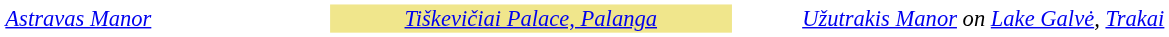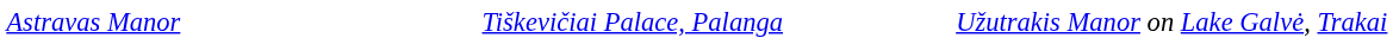 <table class="graytable">
 <tr>
 <td width="29%"></td>
 <td width="5%"></td>
 <td width="32%"></td>
 <td width="5%"></td>
 <td></td>
 </tr>
 <tr>
 <td align="center"><em><a href='#'>Astravas Manor</a></em></td>
 <td></td>
-<td align="center" style="background: khaki;"><em><a href='#'>Tiškevičiai Palace, Palanga</a></em></td>
+<td align="center"><em><a href='#'>Tiškevičiai Palace, Palanga</a></em></td>
 <td></td>
 <td align="center"><em><a href='#'>Užutrakis Manor</a> on <a href='#'>Lake Galvė</a>, <a href='#'>Trakai</a></em></td>
 </tr>
 </table>
